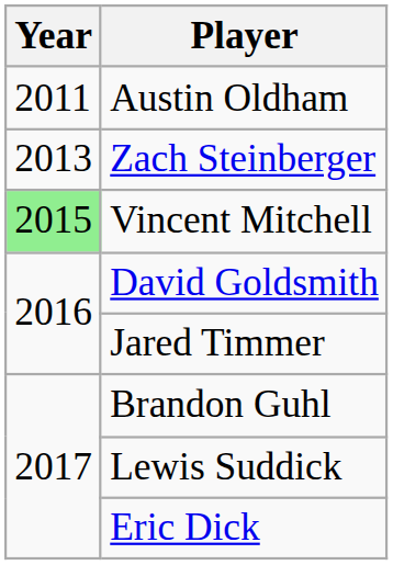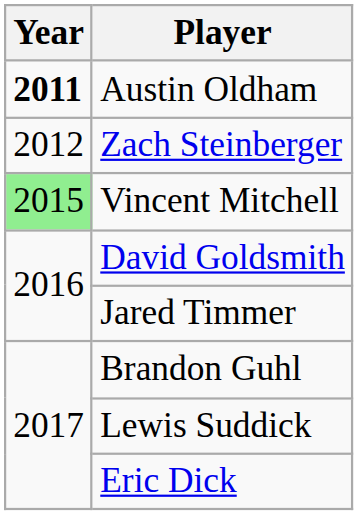 <table class= wikitable>
 <tr>
 <th width=px>Year</th>
 <th width=px>Player</th>
 </tr>
 <tr>
-<td>2011</td>
+<td><strong>2011</strong></td>
 <td>Austin Oldham</td>
 </tr>
 <tr>
-<td>2013</td>
+<td>2012</td>
 <td><a href='#'>Zach Steinberger</a></td>
 </tr>
 <tr>
 <td style="background: lightgreen;">2015</td>
 <td>Vincent Mitchell</td>
 </tr>
 <tr>
 <td rowspan=2>2016</td>
 <td><a href='#'>David Goldsmith</a></td>
 </tr>
 <tr>
 <td>Jared Timmer</td>
 </tr>
 <tr>
 <td rowspan=3>2017</td>
 <td>Brandon Guhl</td>
 </tr>
 <tr>
 <td>Lewis Suddick</td>
 </tr>
 <tr>
 <td><a href='#'>Eric Dick</a></td>
 </tr>
 </table>
